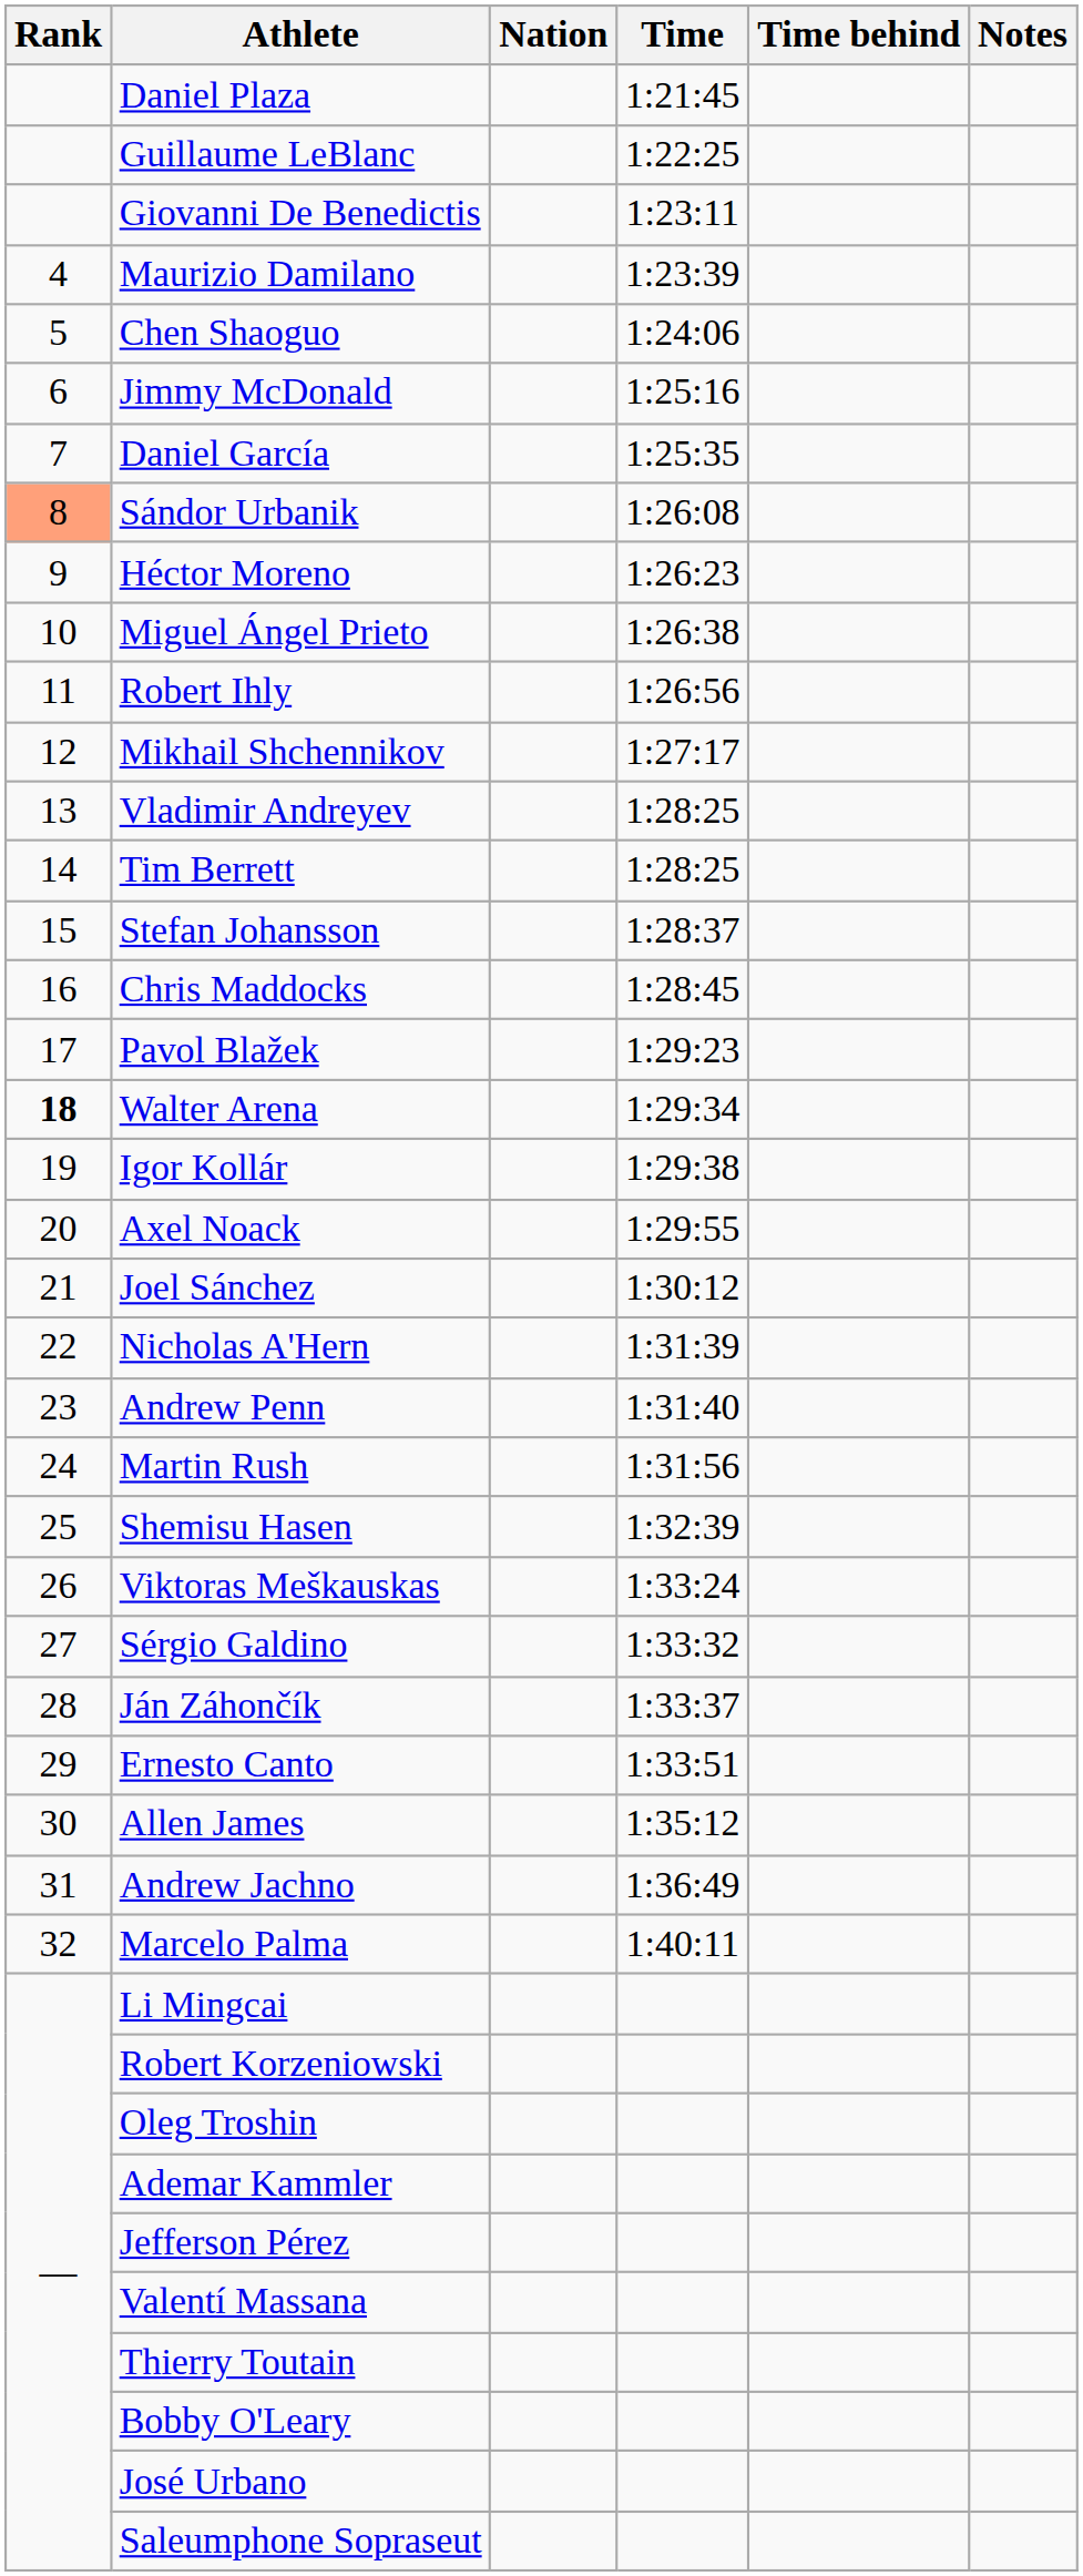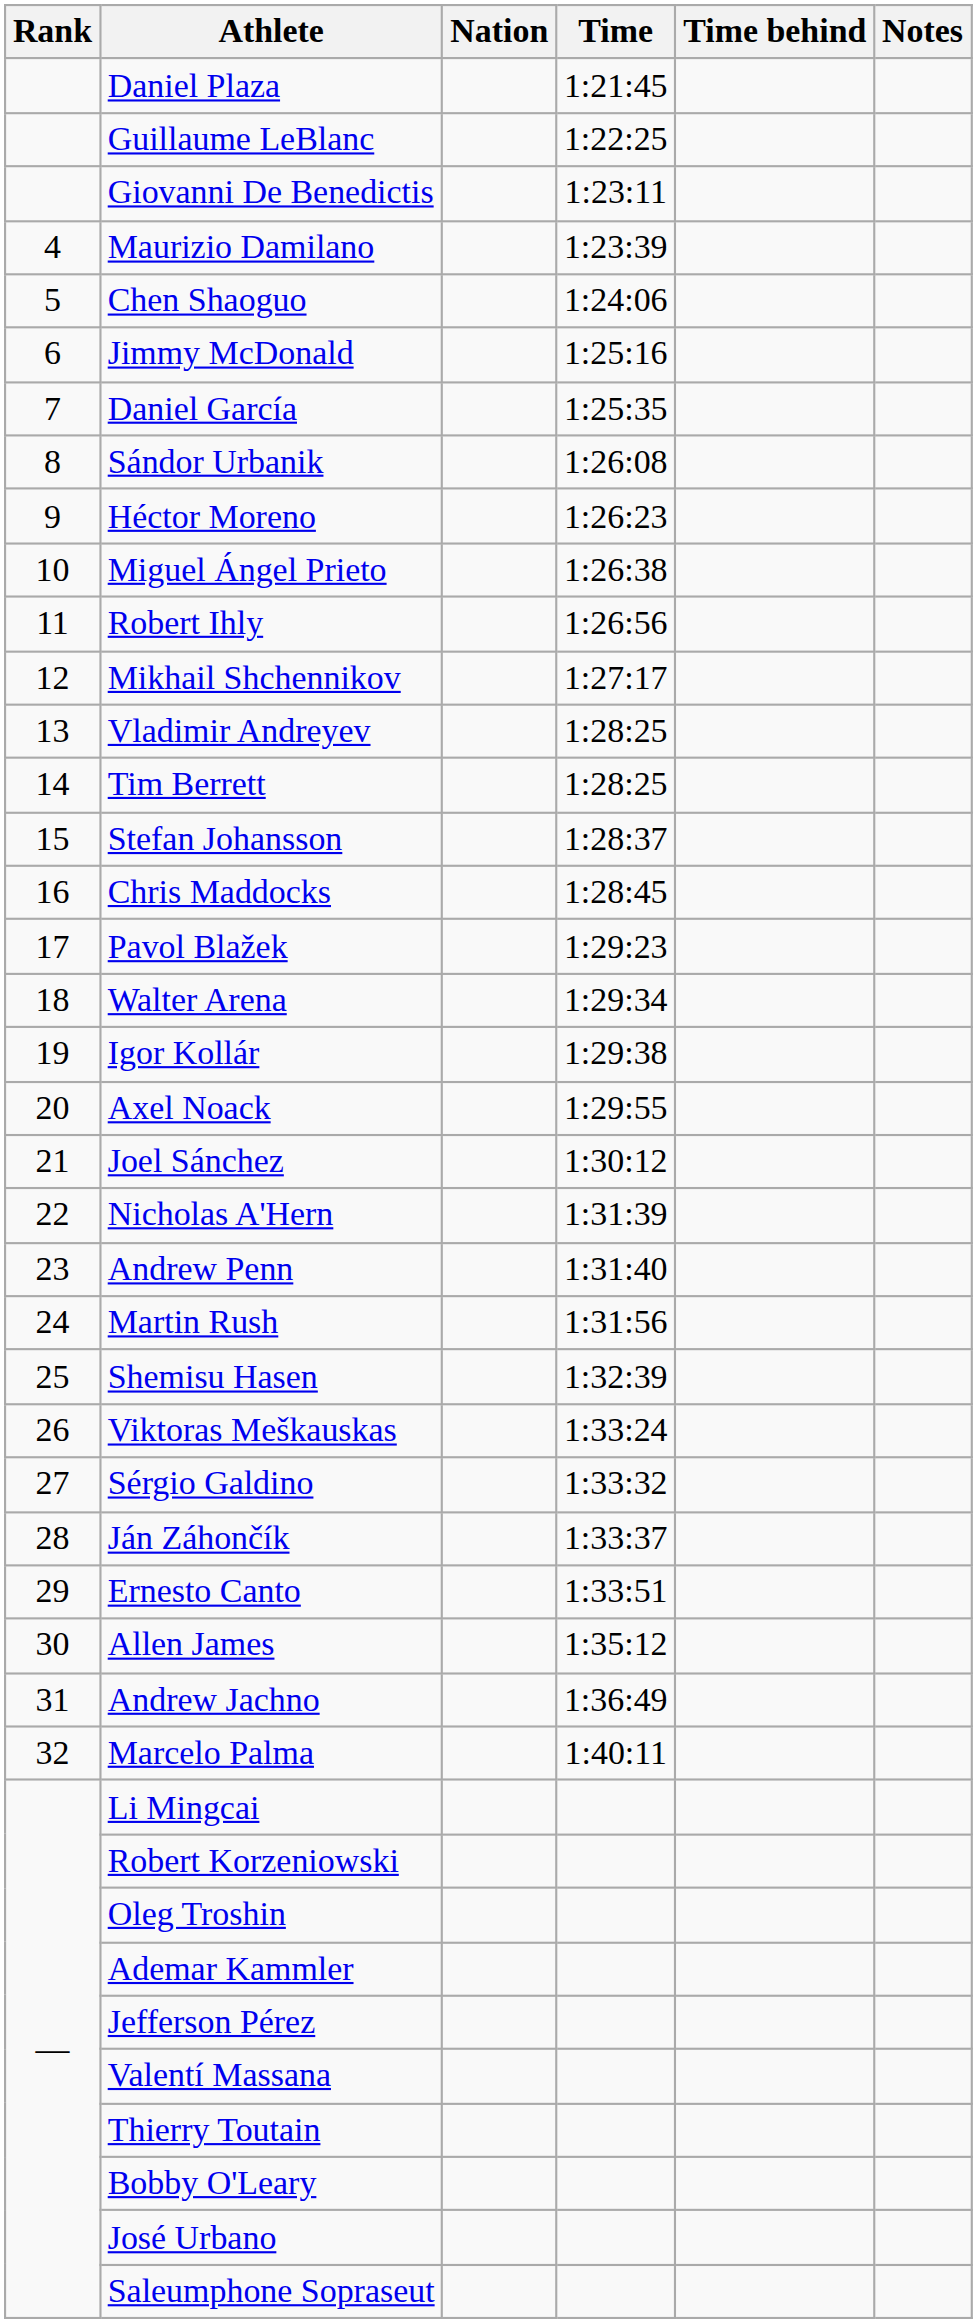 <table class="wikitable sortable" style="text-align:center">
 <tr>
 <th>Rank</th>
 <th>Athlete</th>
 <th>Nation</th>
 <th>Time</th>
 <th>Time behind</th>
 <th>Notes</th>
 </tr>
 <tr>
 <td></td>
 <td align=left><a href='#'>Daniel Plaza</a></td>
 <td align=left></td>
 <td>1:21:45</td>
 <td></td>
 <td></td>
 </tr>
 <tr>
 <td></td>
 <td align=left><a href='#'>Guillaume LeBlanc</a></td>
 <td align=left></td>
 <td>1:22:25</td>
 <td></td>
 <td></td>
 </tr>
 <tr>
 <td></td>
 <td align=left><a href='#'>Giovanni De Benedictis</a></td>
 <td align=left></td>
 <td>1:23:11</td>
 <td></td>
 <td></td>
 </tr>
 <tr>
 <td>4</td>
 <td align=left><a href='#'>Maurizio Damilano</a></td>
 <td align=left></td>
 <td>1:23:39</td>
 <td></td>
 <td></td>
 </tr>
 <tr>
 <td>5</td>
 <td align=left><a href='#'>Chen Shaoguo</a></td>
 <td align=left></td>
 <td>1:24:06</td>
 <td></td>
 <td></td>
 </tr>
 <tr>
 <td>6</td>
 <td align=left><a href='#'>Jimmy McDonald</a></td>
 <td align=left></td>
 <td>1:25:16</td>
 <td></td>
 <td></td>
 </tr>
 <tr>
 <td>7</td>
 <td align=left><a href='#'>Daniel García</a></td>
 <td align=left></td>
 <td>1:25:35</td>
 <td></td>
 <td></td>
 </tr>
 <tr>
-<td style="background: lightsalmon;">8</td>
+<td>8</td>
 <td align=left><a href='#'>Sándor Urbanik</a></td>
 <td align=left></td>
 <td>1:26:08</td>
 <td></td>
 <td></td>
 </tr>
 <tr>
 <td>9</td>
 <td align=left><a href='#'>Héctor Moreno</a></td>
 <td align=left></td>
 <td>1:26:23</td>
 <td></td>
 <td></td>
 </tr>
 <tr>
 <td>10</td>
 <td align=left><a href='#'>Miguel Ángel Prieto</a></td>
 <td align=left></td>
 <td>1:26:38</td>
 <td></td>
 <td></td>
 </tr>
 <tr>
 <td>11</td>
 <td align=left><a href='#'>Robert Ihly</a></td>
 <td align=left></td>
 <td>1:26:56</td>
 <td></td>
 <td></td>
 </tr>
 <tr>
 <td>12</td>
 <td align=left><a href='#'>Mikhail Shchennikov</a></td>
 <td align=left></td>
 <td>1:27:17</td>
 <td></td>
 <td></td>
 </tr>
 <tr>
 <td>13</td>
 <td align=left><a href='#'>Vladimir Andreyev</a></td>
 <td align=left></td>
 <td>1:28:25</td>
 <td></td>
 <td></td>
 </tr>
 <tr>
 <td>14</td>
 <td align=left><a href='#'>Tim Berrett</a></td>
 <td align=left></td>
 <td>1:28:25</td>
 <td></td>
 <td></td>
 </tr>
 <tr>
 <td>15</td>
 <td align=left><a href='#'>Stefan Johansson</a></td>
 <td align=left></td>
 <td>1:28:37</td>
 <td></td>
 <td></td>
 </tr>
 <tr>
 <td>16</td>
 <td align=left><a href='#'>Chris Maddocks</a></td>
 <td align=left></td>
 <td>1:28:45</td>
 <td></td>
 <td></td>
 </tr>
 <tr>
 <td>17</td>
 <td align=left><a href='#'>Pavol Blažek</a></td>
 <td align=left></td>
 <td>1:29:23</td>
 <td></td>
 <td></td>
 </tr>
 <tr>
-<td><strong>18</strong></td>
+<td>18</td>
 <td align=left><a href='#'>Walter Arena</a></td>
 <td align=left></td>
 <td>1:29:34</td>
 <td></td>
 <td></td>
 </tr>
 <tr>
 <td>19</td>
 <td align=left><a href='#'>Igor Kollár</a></td>
 <td align=left></td>
 <td>1:29:38</td>
 <td></td>
 <td></td>
 </tr>
 <tr>
 <td>20</td>
 <td align=left><a href='#'>Axel Noack</a></td>
 <td align=left></td>
 <td>1:29:55</td>
 <td></td>
 <td></td>
 </tr>
 <tr>
 <td>21</td>
 <td align=left><a href='#'>Joel Sánchez</a></td>
 <td align=left></td>
 <td>1:30:12</td>
 <td></td>
 <td></td>
 </tr>
 <tr>
 <td>22</td>
 <td align=left><a href='#'>Nicholas A'Hern</a></td>
 <td align=left></td>
 <td>1:31:39</td>
 <td></td>
 <td></td>
 </tr>
 <tr>
 <td>23</td>
 <td align=left><a href='#'>Andrew Penn</a></td>
 <td align=left></td>
 <td>1:31:40</td>
 <td></td>
 <td></td>
 </tr>
 <tr>
 <td>24</td>
 <td align=left><a href='#'>Martin Rush</a></td>
 <td align=left></td>
 <td>1:31:56</td>
 <td></td>
 <td></td>
 </tr>
 <tr>
 <td>25</td>
 <td align=left><a href='#'>Shemisu Hasen</a></td>
 <td align=left></td>
 <td>1:32:39</td>
 <td></td>
 <td></td>
 </tr>
 <tr>
 <td>26</td>
 <td align=left><a href='#'>Viktoras Meškauskas</a></td>
 <td align=left></td>
 <td>1:33:24</td>
 <td></td>
 <td></td>
 </tr>
 <tr>
 <td>27</td>
 <td align=left><a href='#'>Sérgio Galdino</a></td>
 <td align=left></td>
 <td>1:33:32</td>
 <td></td>
 <td></td>
 </tr>
 <tr>
 <td>28</td>
 <td align=left><a href='#'>Ján Záhončík</a></td>
 <td align=left></td>
 <td>1:33:37</td>
 <td></td>
 <td></td>
 </tr>
 <tr>
 <td>29</td>
 <td align=left><a href='#'>Ernesto Canto</a></td>
 <td align=left></td>
 <td>1:33:51</td>
 <td></td>
 <td></td>
 </tr>
 <tr>
 <td>30</td>
 <td align=left><a href='#'>Allen James</a></td>
 <td align=left></td>
 <td>1:35:12</td>
 <td></td>
 <td></td>
 </tr>
 <tr>
 <td>31</td>
 <td align=left><a href='#'>Andrew Jachno</a></td>
 <td align=left></td>
 <td>1:36:49</td>
 <td></td>
 <td></td>
 </tr>
 <tr>
 <td>32</td>
 <td align=left><a href='#'>Marcelo Palma</a></td>
 <td align=left></td>
 <td>1:40:11</td>
 <td></td>
 <td></td>
 </tr>
 <tr>
 <td rowspan="10">—</td>
 <td align=left><a href='#'>Li Mingcai</a></td>
 <td align=left></td>
 <td></td>
 <td></td>
 <td></td>
 </tr>
 <tr>
 <td align=left><a href='#'>Robert Korzeniowski</a></td>
 <td align=left></td>
 <td></td>
 <td></td>
 <td></td>
 </tr>
 <tr>
 <td align=left><a href='#'>Oleg Troshin</a></td>
 <td align=left></td>
 <td></td>
 <td></td>
 <td></td>
 </tr>
 <tr>
 <td align=left><a href='#'>Ademar Kammler</a></td>
 <td align=left></td>
 <td></td>
 <td></td>
 <td></td>
 </tr>
 <tr>
 <td align=left><a href='#'>Jefferson Pérez</a></td>
 <td align=left></td>
 <td></td>
 <td></td>
 <td></td>
 </tr>
 <tr>
 <td align=left><a href='#'>Valentí Massana</a></td>
 <td align=left></td>
 <td></td>
 <td></td>
 <td></td>
 </tr>
 <tr>
 <td align=left><a href='#'>Thierry Toutain</a></td>
 <td align=left></td>
 <td></td>
 <td></td>
 <td></td>
 </tr>
 <tr>
 <td align=left><a href='#'>Bobby O'Leary</a></td>
 <td align=left></td>
 <td></td>
 <td></td>
 <td></td>
 </tr>
 <tr>
 <td align=left><a href='#'>José Urbano</a></td>
 <td align=left></td>
 <td></td>
 <td></td>
 <td></td>
 </tr>
 <tr>
 <td align=left><a href='#'>Saleumphone Sopraseut</a></td>
 <td align=left></td>
 <td></td>
 <td></td>
 <td></td>
 </tr>
 </table>
